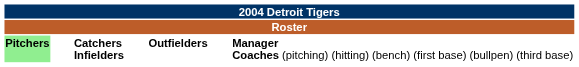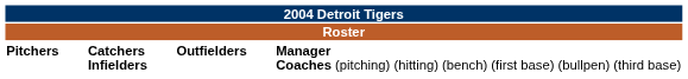 <table class="toccolours" style="font-size: 95%;">
 <tr>
 <th colspan="10" style="background-color: #003366; color: white; text-align: center;">2004 Detroit Tigers</th>
 </tr>
 <tr>
 <td colspan="10" style="background-color: #bd5d29; color: white; text-align: center;"><strong>Roster</strong></td>
 </tr>
 <tr>
-<td valign="top" style="background: lightgreen;"><strong>Pitchers</strong><br>                 </td>
+<td valign="top"><strong>Pitchers</strong><br>                 </td>
 <td width="25px"></td>
 <td valign="top"><strong>Catchers</strong><br>  <strong>Infielders</strong>           </td>
 <td width="25px"></td>
 <td valign="top"><strong>Outfielders</strong><br>       </td>
 <td width="25px"></td>
 <td valign="top"><strong>Manager</strong><br> <strong>Coaches</strong>  (pitching)  (hitting)  (bench)  (first base)  (bullpen)  (third base)</td>
 </tr>
 <tr>
 </tr>
 </table>
